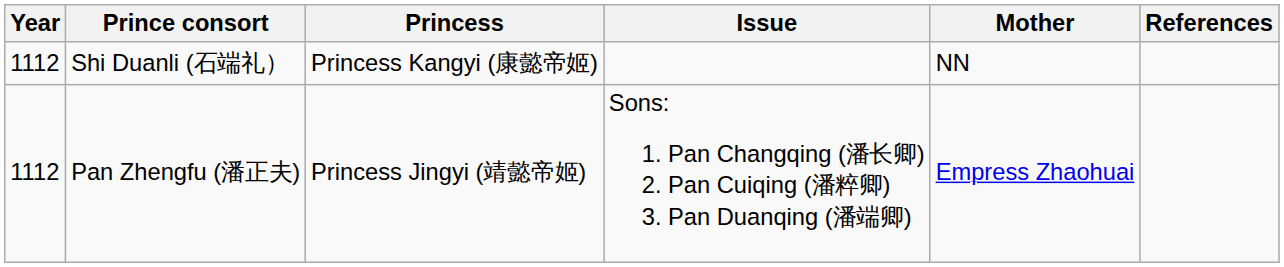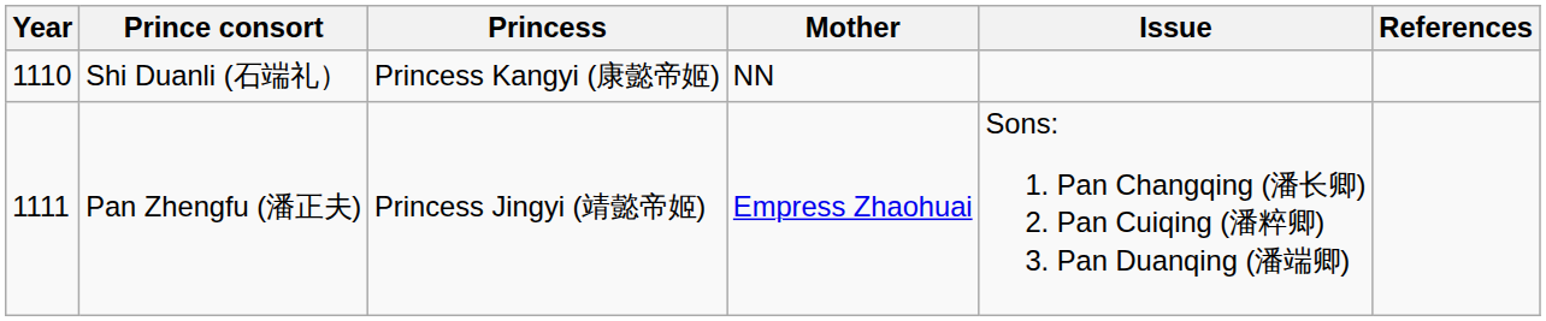 <table class="wikitable">
 <tr>
 <th>Year</th>
 <th>Prince consort</th>
 <th>Princess</th>
+<th>Mother</th>
 <th>Issue</th>
-<th>Mother</th>
 <th>References</th>
 </tr>
 <tr>
-<td>1112</td>
+<td>1110</td>
 <td>Shi Duanli (石端礼）</td>
 <td>Princess Kangyi (康懿帝姬)</td>
+<td>NN</td>
 <td></td>
-<td>NN</td>
 <td></td>
 </tr>
 <tr>
-<td>1112</td>
+<td>1111</td>
 <td>Pan Zhengfu (潘正夫)</td>
 <td>Princess Jingyi (靖懿帝姬)</td>
+<td><a href='#'>Empress Zhaohuai</a></td>
 <td>Sons:<br><ol><li>Pan Changqing (潘长卿)</li><li>Pan Cuiqing (潘粹卿)</li><li>Pan Duanqing (潘端卿)</li></ol></td>
-<td><a href='#'>Empress Zhaohuai</a></td>
 <td></td>
 </tr>
 </table>
